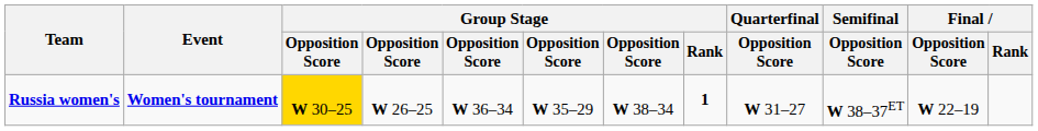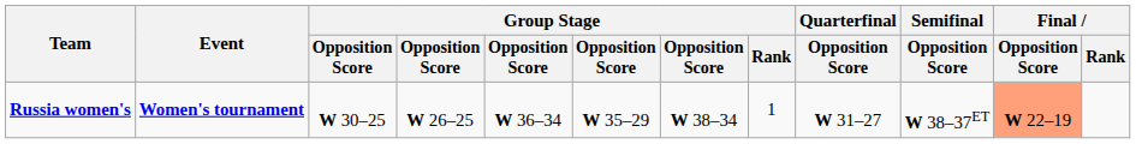 <table class="wikitable" style="font-size:90%">
 <tr>
 <th rowspan=2>Team</th>
 <th rowspan=2>Event</th>
 <th colspan=6>Group Stage</th>
 <th>Quarterfinal</th>
 <th>Semifinal</th>
 <th colspan=2>Final / </th>
 </tr>
 <tr style="font-size:95%">
 <th>Opposition<br>Score</th>
 <th>Opposition<br>Score</th>
 <th>Opposition<br>Score</th>
 <th>Opposition<br>Score</th>
 <th>Opposition<br>Score</th>
 <th>Rank</th>
 <th>Opposition<br>Score</th>
 <th>Opposition<br>Score</th>
 <th>Opposition<br>Score</th>
 <th>Rank</th>
 </tr>
 <tr align=center>
 <td align=left><strong><a href='#'>Russia women's</a></strong></td>
 <td align=left><strong><a href='#'>Women's tournament</a></strong></td>
-<td style="background: gold;"><br><strong>W</strong> 30–25</td>
+<td><br><strong>W</strong> 30–25</td>
 <td><br><strong>W</strong> 26–25</td>
 <td><br><strong>W</strong> 36–34</td>
 <td><br><strong>W</strong> 35–29</td>
 <td><br><strong>W</strong> 38–34</td>
-<td><strong>1</strong></td>
+<td>1</td>
 <td><br><strong>W</strong> 31–27</td>
 <td><br><strong>W</strong> 38–37<sup>ET</sup></td>
-<td><br><strong>W</strong> 22–19</td>
+<td style="background: lightsalmon;"><br><strong>W</strong> 22–19</td>
 <td></td>
 </tr>
 </table>
